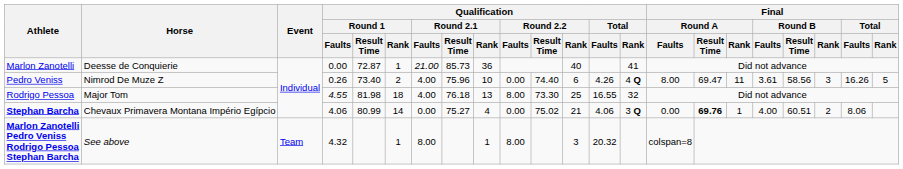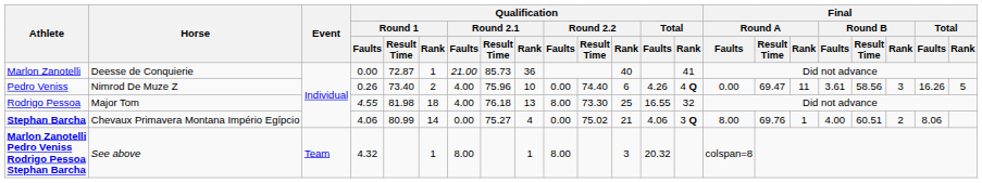 <table class=wikitable style=font-size:90%;text-align:center>
 <tr>
 <th rowspan=3>Athlete</th>
 <th rowspan=3>Horse</th>
 <th rowspan=3>Event</th>
 <th colspan=11>Qualification</th>
 <th colspan=8>Final</th>
 </tr>
 <tr style=font-size:95%>
 <th colspan=3>Round 1</th>
 <th colspan=3>Round 2.1</th>
 <th colspan=3>Round 2.2</th>
 <th colspan=2>Total</th>
 <th colspan=3>Round A</th>
 <th colspan=3>Round B</th>
 <th colspan=2>Total</th>
 </tr>
 <tr style=font-size:95%>
 <th>Faults</th>
 <th>Result<br>Time</th>
 <th>Rank</th>
 <th>Faults</th>
 <th>Result<br>Time</th>
 <th>Rank</th>
 <th>Faults</th>
 <th>Result<br>Time</th>
 <th>Rank</th>
 <th>Faults</th>
 <th>Rank</th>
 <th>Faults</th>
 <th>Result<br>Time</th>
 <th>Rank</th>
 <th>Faults</th>
 <th>Result<br>Time</th>
 <th>Rank</th>
 <th>Faults</th>
 <th>Rank</th>
 </tr>
 <tr>
 <td align=left><a href='#'>Marlon Zanotelli</a></td>
 <td align=left>Deesse de Conquierie</td>
 <td align=left rowspan=4><a href='#'>Individual</a></td>
 <td>0.00</td>
 <td>72.87</td>
 <td>1</td>
 <td><em>21.00</em></td>
 <td>85.73</td>
 <td>36</td>
 <td colspan=2><em></em></td>
 <td>40</td>
 <td></td>
 <td>41</td>
 <td colspan=8>Did not advance</td>
 </tr>
 <tr>
 <td align=left><a href='#'>Pedro Veniss</a></td>
 <td align=left>Nimrod De Muze Z</td>
 <td>0.26</td>
 <td>73.40</td>
 <td>2</td>
 <td>4.00</td>
 <td>75.96</td>
 <td>10</td>
 <td>0.00</td>
 <td>74.40</td>
 <td>6</td>
 <td>4.26</td>
 <td>4 <strong>Q</strong></td>
-<td>8.00</td>
+<td>0.00</td>
 <td>69.47</td>
 <td>11</td>
 <td>3.61</td>
 <td>58.56</td>
 <td>3</td>
 <td>16.26</td>
 <td>5</td>
 </tr>
 <tr>
 <td align=left><a href='#'>Rodrigo Pessoa</a></td>
 <td align=left>Major Tom</td>
 <td><em>4.55</em></td>
 <td>81.98</td>
 <td>18</td>
 <td>4.00</td>
 <td>76.18</td>
 <td>13</td>
 <td>8.00</td>
 <td>73.30</td>
 <td>25</td>
 <td>16.55</td>
 <td>32</td>
 <td colspan=8>Did not advance</td>
 </tr>
 <tr>
 <td align=left><strong><a href='#'>Stephan Barcha</a></strong></td>
 <td align=left>Chevaux Primavera Montana Império Egípcio</td>
 <td>4.06</td>
 <td>80.99</td>
 <td>14</td>
 <td>0.00</td>
 <td>75.27</td>
 <td>4</td>
 <td>0.00</td>
 <td>75.02</td>
 <td>21</td>
 <td>4.06</td>
 <td>3 <strong>Q</strong></td>
-<td>0.00</td>
-<td><strong>69.76</strong></td>
+<td>8.00</td>
+<td>69.76</td>
 <td>1</td>
 <td>4.00</td>
 <td>60.51</td>
 <td>2</td>
 <td>8.06</td>
 <td></td>
 </tr>
 <tr>
 <td align=left><strong><a href='#'>Marlon Zanotelli</a><br><a href='#'>Pedro Veniss</a><br><a href='#'>Rodrigo Pessoa</a><br><a href='#'>Stephan Barcha</a></strong></td>
 <td align=left><em>See above</em></td>
 <td align=left><a href='#'>Team</a></td>
 <td>4.32</td>
 <td></td>
 <td>1</td>
 <td>8.00</td>
 <td></td>
 <td>1</td>
 <td>8.00</td>
 <td></td>
 <td>3</td>
 <td>20.32</td>
 <td></td>
 <td>colspan=8 </td>
 </tr>
 </table>
